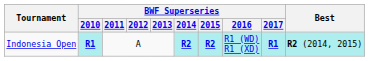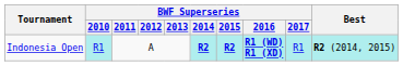 <table style='font-size: 90%; text-align:center;' class='wikitable'>
 <tr>
 <th rowspan="2">Tournament</th>
 <th colspan="8"><strong><a href='#'>BWF Superseries</a></strong></th>
 <th rowspan="2">Best</th>
 </tr>
 <tr>
 <th><a href='#'>2010</a></th>
 <th><a href='#'>2011</a></th>
 <th><a href='#'>2012</a></th>
 <th><a href='#'>2013</a></th>
 <th><a href='#'>2014</a></th>
 <th><a href='#'>2015</a></th>
 <th><a href='#'>2016</a></th>
 <th><a href='#'>2017</a></th>
 </tr>
 <tr>
 <td align=left><a href='#'>Indonesia Open</a></td>
-<td bgcolor=AFEEEE><strong><a href='#'>R1</a></strong></td>
+<td bgcolor=AFEEEE><a href='#'>R1</a></td>
 <td colspan="3">A</td>
 <td bgcolor=AFEEEE><a href='#'><strong>R2</strong></a></td>
 <td bgcolor=AFEEEE><a href='#'><strong>R2</strong></a></td>
-<td bgcolor=AFEEEE><a href='#'>R1 (WD)</a><br><a href='#'>R1 (XD)</a></td>
-<td bgcolor=AFEEEE><strong><a href='#'>R1</a></strong></td>
+<td bgcolor=AFEEEE><strong><a href='#'>R1 (WD)</a><br><a href='#'>R1 (XD)</a></strong></td>
+<td bgcolor=AFEEEE><a href='#'>R1</a></td>
 <td bgcolor=AFEEEE><strong>R2</strong> (2014, 2015)</td>
 </tr>
 </table>
